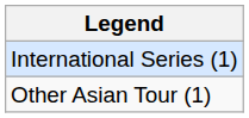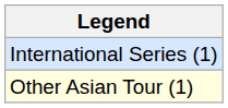 <table class="wikitable" style="font-size:95%;">
 <tr>
 <th>Legend</th>
 </tr>
 <tr style="background:#D6E8FF;">
 <td>International Series (1)</td>
 </tr>
 <tr>
-<td>Other Asian Tour (1)</td>
+<td style="background: lightyellow;">Other Asian Tour (1)</td>
 </tr>
 </table>
